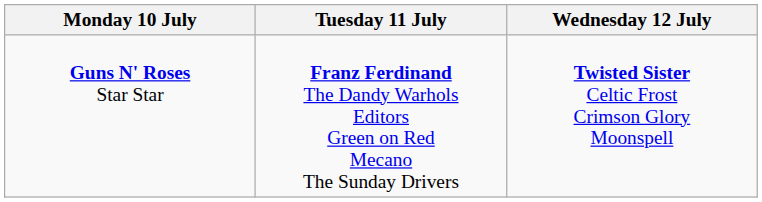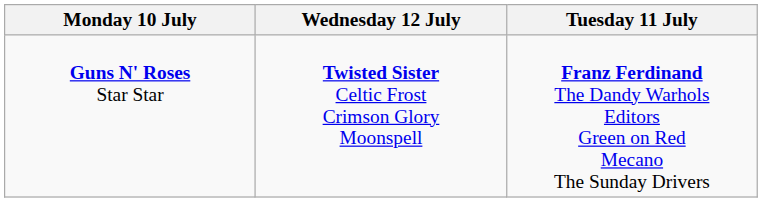 <table class="wikitable">
 <tr>
 <th>Monday 10 July</th>
+<th>Wednesday 12 July</th>
 <th>Tuesday 11 July</th>
-<th>Wednesday 12 July</th>
 </tr>
 <tr>
 <td valign="top" align="center" width=200><br><strong><a href='#'>Guns N' Roses</a></strong> <br>Star Star</td>
+<td valign="top" align="center" width=200><br><strong><a href='#'>Twisted Sister</a></strong> <br><a href='#'>Celtic Frost</a> <br><a href='#'>Crimson Glory</a> <br><a href='#'>Moonspell</a></td>
 <td valign="top" align="center" width=200><br><strong><a href='#'>Franz Ferdinand</a></strong> <br><a href='#'>The Dandy Warhols</a> <br><a href='#'>Editors</a> <br><a href='#'>Green on Red</a> <br><a href='#'>Mecano</a> <br>The Sunday Drivers</td>
-<td valign="top" align="center" width=200><br><strong><a href='#'>Twisted Sister</a></strong> <br><a href='#'>Celtic Frost</a> <br><a href='#'>Crimson Glory</a> <br><a href='#'>Moonspell</a></td>
 </tr>
 </table>
